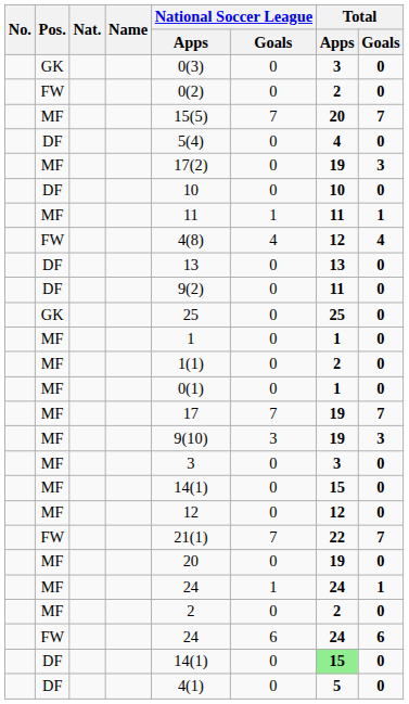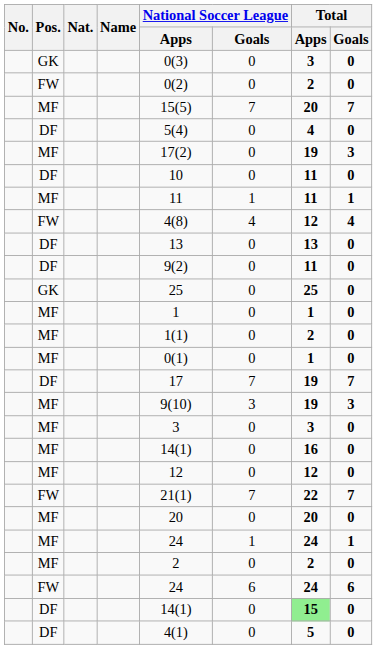 <table class="wikitable sortable" style="text-align:center">
 <tr>
 <th rowspan="2">No.</th>
 <th rowspan="2">Pos.</th>
 <th rowspan="2">Nat.</th>
 <th rowspan="2">Name</th>
 <th colspan="2"><a href='#'>National Soccer League</a></th>
 <th colspan="2">Total</th>
 </tr>
 <tr>
 <th>Apps</th>
 <th>Goals</th>
 <th>Apps</th>
 <th>Goals</th>
 </tr>
 <tr>
 <td></td>
 <td>GK</td>
 <td></td>
 <td align=left></td>
 <td>0(3)</td>
 <td>0</td>
 <td><strong>3</strong></td>
 <td><strong>0</strong></td>
 </tr>
 <tr>
 <td></td>
 <td>FW</td>
 <td></td>
 <td align=left></td>
 <td>0(2)</td>
 <td>0</td>
 <td><strong>2</strong></td>
 <td><strong>0</strong></td>
 </tr>
 <tr>
 <td></td>
 <td>MF</td>
 <td></td>
 <td align=left></td>
 <td>15(5)</td>
 <td>7</td>
 <td><strong>20</strong></td>
 <td><strong>7</strong></td>
 </tr>
 <tr>
 <td></td>
 <td>DF</td>
 <td></td>
 <td align=left></td>
 <td>5(4)</td>
 <td>0</td>
 <td><strong>4</strong></td>
 <td><strong>0</strong></td>
 </tr>
 <tr>
 <td></td>
 <td>MF</td>
 <td></td>
 <td align=left></td>
 <td>17(2)</td>
 <td>0</td>
 <td><strong>19</strong></td>
 <td><strong>3</strong></td>
 </tr>
 <tr>
 <td></td>
 <td>DF</td>
 <td></td>
 <td align=left></td>
 <td>10</td>
 <td>0</td>
-<td><strong>10</strong></td>
+<td><strong>11</strong></td>
 <td><strong>0</strong></td>
 </tr>
 <tr>
 <td></td>
 <td>MF</td>
 <td></td>
 <td align=left></td>
 <td>11</td>
 <td>1</td>
 <td><strong>11</strong></td>
 <td><strong>1</strong></td>
 </tr>
 <tr>
 <td></td>
 <td>FW</td>
 <td></td>
 <td align=left></td>
 <td>4(8)</td>
 <td>4</td>
 <td><strong>12</strong></td>
 <td><strong>4</strong></td>
 </tr>
 <tr>
 <td></td>
 <td>DF</td>
 <td></td>
 <td align=left></td>
 <td>13</td>
 <td>0</td>
 <td><strong>13</strong></td>
 <td><strong>0</strong></td>
 </tr>
 <tr>
 <td></td>
 <td>DF</td>
 <td></td>
 <td align=left></td>
 <td>9(2)</td>
 <td>0</td>
 <td><strong>11</strong></td>
 <td><strong>0</strong></td>
 </tr>
 <tr>
 <td></td>
 <td>GK</td>
 <td></td>
 <td align=left></td>
 <td>25</td>
 <td>0</td>
 <td><strong>25</strong></td>
 <td><strong>0</strong></td>
 </tr>
 <tr>
 <td></td>
 <td>MF</td>
 <td></td>
 <td align=left></td>
 <td>1</td>
 <td>0</td>
 <td><strong>1</strong></td>
 <td><strong>0</strong></td>
 </tr>
 <tr>
 <td></td>
 <td>MF</td>
 <td></td>
 <td align=left></td>
 <td>1(1)</td>
 <td>0</td>
 <td><strong>2</strong></td>
 <td><strong>0</strong></td>
 </tr>
 <tr>
 <td></td>
 <td>MF</td>
 <td></td>
 <td align=left></td>
 <td>0(1)</td>
 <td>0</td>
 <td><strong>1</strong></td>
 <td><strong>0</strong></td>
 </tr>
 <tr>
 <td></td>
-<td>MF</td>
+<td>DF</td>
 <td></td>
 <td align=left></td>
 <td>17</td>
 <td>7</td>
 <td><strong>19</strong></td>
 <td><strong>7</strong></td>
 </tr>
 <tr>
 <td></td>
 <td>MF</td>
 <td></td>
 <td align=left></td>
 <td>9(10)</td>
 <td>3</td>
 <td><strong>19</strong></td>
 <td><strong>3</strong></td>
 </tr>
 <tr>
 <td></td>
 <td>MF</td>
 <td></td>
 <td align=left></td>
 <td>3</td>
 <td>0</td>
 <td><strong>3</strong></td>
 <td><strong>0</strong></td>
 </tr>
 <tr>
 <td></td>
 <td>MF</td>
 <td></td>
 <td align=left></td>
 <td>14(1)</td>
 <td>0</td>
-<td><strong>15</strong></td>
+<td><strong>16</strong></td>
 <td><strong>0</strong></td>
 </tr>
 <tr>
 <td></td>
 <td>MF</td>
 <td></td>
 <td align=left></td>
 <td>12</td>
 <td>0</td>
 <td><strong>12</strong></td>
 <td><strong>0</strong></td>
 </tr>
 <tr>
 <td></td>
 <td>FW</td>
 <td></td>
 <td align=left></td>
 <td>21(1)</td>
 <td>7</td>
 <td><strong>22</strong></td>
 <td><strong>7</strong></td>
 </tr>
 <tr>
 <td></td>
 <td>MF</td>
 <td></td>
 <td align=left></td>
 <td>20</td>
 <td>0</td>
-<td><strong>19</strong></td>
+<td><strong>20</strong></td>
 <td><strong>0</strong></td>
 </tr>
 <tr>
 <td></td>
 <td>MF</td>
 <td></td>
 <td align=left></td>
 <td>24</td>
 <td>1</td>
 <td><strong>24</strong></td>
 <td><strong>1</strong></td>
 </tr>
 <tr>
 <td></td>
 <td>MF</td>
 <td></td>
 <td align=left></td>
 <td>2</td>
 <td>0</td>
 <td><strong>2</strong></td>
 <td><strong>0</strong></td>
 </tr>
 <tr>
 <td></td>
 <td>FW</td>
 <td></td>
 <td align=left></td>
 <td>24</td>
 <td>6</td>
 <td><strong>24</strong></td>
 <td><strong>6</strong></td>
 </tr>
 <tr>
 <td></td>
 <td>DF</td>
 <td></td>
 <td align=left></td>
 <td>14(1)</td>
 <td>0</td>
 <td style="background: lightgreen;"><strong>15</strong></td>
 <td><strong>0</strong></td>
 </tr>
 <tr>
 <td></td>
 <td>DF</td>
 <td></td>
 <td align=left></td>
 <td>4(1)</td>
 <td>0</td>
 <td><strong>5</strong></td>
 <td><strong>0</strong></td>
 </tr>
 </table>
